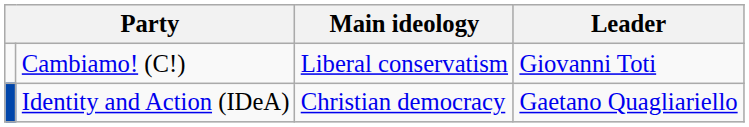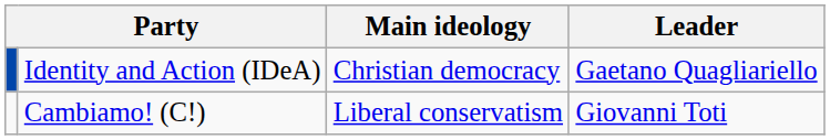 <table class=wikitable style=text-align:left>
 <tr>
 <th colspan=2>Party</th>
 <th>Main ideology</th>
 <th>Leader</th>
 </tr>
 <tr>
+<td bgcolor="#0045AA"></td>
+<td><a href='#'>Identity and Action</a> (IDeA)</td>
+<td><a href='#'>Christian democracy</a></td>
+<td><a href='#'>Gaetano Quagliariello</a></td>
+</tr>
+<tr>
 <td></td>
 <td><a href='#'>Cambiamo!</a> (C!)</td>
 <td><a href='#'>Liberal conservatism</a></td>
 <td><a href='#'>Giovanni Toti</a></td>
 </tr>
-<tr>
-<td bgcolor="#0045AA"></td>
-<td><a href='#'>Identity and Action</a> (IDeA)</td>
-<td><a href='#'>Christian democracy</a></td>
-<td><a href='#'>Gaetano Quagliariello</a></td>
-</tr>
 </table>
